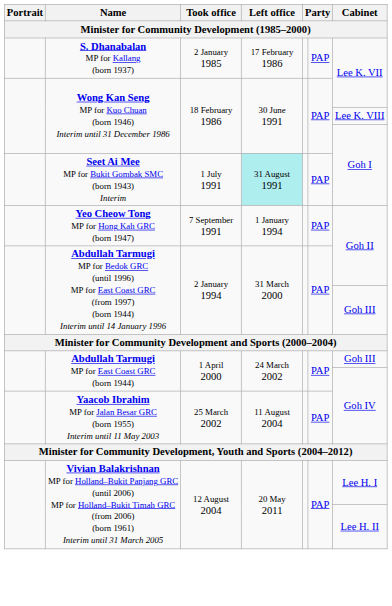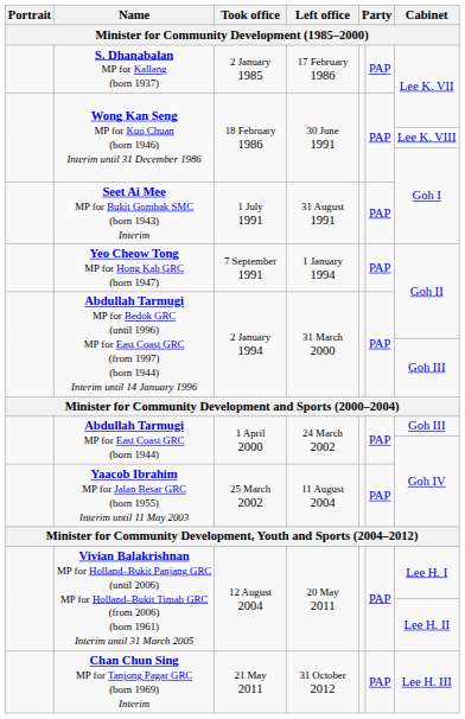 <table class="wikitable" style="text-align:center; border:1px #aaf solid;">
 <tr>
 <th>Portrait</th>
 <th>Name<br></th>
 <th width="85">Took office</th>
 <th width="85">Left office</th>
 <th colspan="2">Party</th>
 <th>Cabinet</th>
 </tr>
 <tr>
 <th colspan="7">Minister for Community Development (1985–2000)</th>
 </tr>
 <tr>
 <td></td>
 <td><strong><a href='#'>S. Dhanabalan</a></strong><br><small>MP for <a href='#'>Kallang</a></small><br><small>(born 1937)</small></td>
 <td><small>2 January</small><br>1985</td>
 <td><small>17 February</small><br>1986</td>
 <td style="background:"></td>
 <td><a href='#'>PAP</a></td>
 <td rowspan="2"><a href='#'>Lee K. VII</a></td>
 </tr>
 <tr style="height:44px;">
 <td rowspan="3"></td>
 <td rowspan="3"><strong><a href='#'>Wong Kan Seng</a></strong><br><small>MP for <a href='#'>Kuo Chuan</a><br>(born 1946)<br><em>Interim until 31 December 1986</em></small></td>
 <td rowspan="3"><small>18 February</small><br>1986</td>
 <td rowspan="3"><small>30 June</small><br>1991</td>
 <td rowspan="3" style="background:"></td>
 <td rowspan="3"><a href='#'>PAP</a></td>
 </tr>
 <tr>
 <td><a href='#'>Lee K. VIII</a></td>
 </tr>
 <tr style="height:44px;">
 <td rowspan="2"><a href='#'>Goh I</a></td>
 </tr>
 <tr>
 <td></td>
 <td><strong><a href='#'>Seet Ai Mee</a></strong><br><small>MP for <a href='#'>Bukit Gombak SMC</a><br>(born 1943)<br><em>Interim</em></small></td>
 <td><small>1 July</small><br>1991</td>
-<td style="background: paleturquoise;"><small>31 August</small><br>1991</td>
+<td><small>31 August</small><br>1991</td>
 <td style="background:"></td>
 <td><a href='#'>PAP</a></td>
 </tr>
 <tr>
 <td></td>
 <td><strong><a href='#'>Yeo Cheow Tong</a></strong><br><small>MP for <a href='#'>Hong Kah GRC</a><br>(born 1947)</small></td>
 <td><small>7 September</small><br>1991</td>
 <td><small>1 January</small><br>1994</td>
 <td style="background:"></td>
 <td><a href='#'>PAP</a></td>
 <td rowspan="2"><a href='#'>Goh II</a></td>
 </tr>
 <tr style="height:60px;">
 <td rowspan="2"></td>
 <td rowspan="2"><strong><a href='#'>Abdullah Tarmugi</a></strong><br><small>MP for <a href='#'>Bedok GRC</a></small><br><small>(until 1996)</small><br><small>MP for <a href='#'>East Coast GRC</a></small><br><small>(from 1997)<br>(born 1944)<br><em>Interim until 14 January 1996</em></small></td>
 <td rowspan="2"><small>2 January</small><br>1994</td>
 <td rowspan="2"><small>31 March</small><br>2000</td>
 <td rowspan="2" style="background:"></td>
 <td rowspan="2"><a href='#'>PAP</a></td>
 </tr>
 <tr>
 <td><a href='#'>Goh III</a></td>
 </tr>
 <tr>
 <th colspan="7">Minister for Community Development and Sports (2000–2004)</th>
 </tr>
 <tr>
 <td rowspan="2"></td>
 <td rowspan="2"><strong><a href='#'>Abdullah Tarmugi</a></strong><br><small>MP for <a href='#'>East Coast GRC</a></small><small><br>(born 1944)</small></td>
 <td rowspan="2"><small>1 April</small><br>2000</td>
 <td rowspan="2"><small>24 March</small><br>2002</td>
 <td rowspan="2" style="background:"></td>
 <td rowspan="2"><a href='#'>PAP</a></td>
 <td><a href='#'>Goh III</a></td>
 </tr>
 <tr>
 <td rowspan="2"><a href='#'>Goh IV</a></td>
 </tr>
 <tr>
 <td></td>
 <td><strong><a href='#'>Yaacob Ibrahim</a></strong><br><small>MP for <a href='#'>Jalan Besar GRC</a></small><small><br>(born 1955)<br><em>Interim until 11 May 2003</em></small></td>
 <td><small>25 March</small><br>2002</td>
 <td><small>11 August</small><br>2004</td>
 <td style="background:"></td>
 <td><a href='#'>PAP</a></td>
 </tr>
 <tr>
 <th colspan="7">Minister for Community Development, Youth and Sports (2004–2012)</th>
 </tr>
 <tr>
 <td rowspan="2"></td>
 <td rowspan="2"><strong><a href='#'>Vivian Balakrishnan</a></strong><br><small>MP for <a href='#'>Holland–Bukit Panjang GRC</a></small><br><small>(until 2006)</small><br><small>MP for <a href='#'>Holland–Bukit Timah GRC</a></small><br><small>(from 2006)<br>(born 1961)<br><em>Interim until 31 March 2005</em></small></td>
 <td rowspan="2"><small>12 August</small><br>2004</td>
 <td rowspan="2"><small>20 May</small><br>2011</td>
 <td rowspan="2" style="background:"></td>
 <td rowspan="2"><a href='#'>PAP</a></td>
 <td><a href='#'>Lee H. I</a></td>
 </tr>
 <tr>
 <td><a href='#'>Lee H. II</a></td>
 </tr>
+<tr>
+<td></td>
+<td><strong><a href='#'>Chan Chun Sing</a></strong><br><small>MP for <a href='#'>Tanjong Pagar GRC</a></small><small><br>(born 1969)<br><em>Interim</em></small></td>
+<td><small>21 May</small><br>2011</td>
+<td><small>31 October</small><br>2012</td>
+<td style="background:"></td>
+<td><a href='#'>PAP</a></td>
+<td><a href='#'>Lee H. III</a></td>
+</tr>
 </table>
